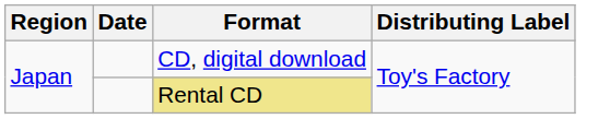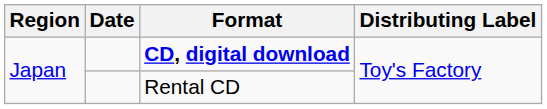 <table class="wikitable">
 <tr>
 <th>Region</th>
 <th>Date</th>
 <th>Format</th>
 <th>Distributing Label</th>
 </tr>
 <tr>
 <td rowspan="2"><a href='#'>Japan</a></td>
 <td></td>
-<td><a href='#'>CD</a>, <a href='#'>digital download</a></td>
+<td><strong><a href='#'>CD</a>, <a href='#'>digital download</a></strong></td>
 <td rowspan="2"><a href='#'>Toy's Factory</a></td>
 </tr>
 <tr>
 <td></td>
-<td style="background: khaki;">Rental CD</td>
+<td>Rental CD</td>
 </tr>
 </table>
